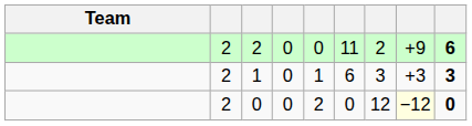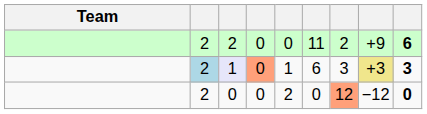 <table class="wikitable" style="text-align:center;">
 <tr>
 <th width=175>Team</th>
 <th width=20></th>
 <th width=20></th>
 <th width=20></th>
 <th width=20></th>
 <th width=20></th>
 <th width=20></th>
 <th width=20></th>
 <th width=20></th>
 </tr>
 <tr bgcolor=ccffcc>
 <td align="left"></td>
 <td>2</td>
 <td>2</td>
 <td>0</td>
 <td>0</td>
 <td>11</td>
 <td>2</td>
 <td>+9</td>
 <td><strong>6</strong></td>
 </tr>
 <tr>
 <td align="left"></td>
-<td>2</td>
-<td>1</td>
-<td>0</td>
+<td style="background: lightblue;">2</td>
+<td style="background: lavender;">1</td>
+<td style="background: lightsalmon;">0</td>
 <td>1</td>
 <td>6</td>
 <td>3</td>
-<td>+3</td>
+<td style="background: khaki;">+3</td>
 <td><strong>3</strong></td>
 </tr>
 <tr>
 <td align="left"></td>
 <td>2</td>
 <td>0</td>
 <td>0</td>
 <td>2</td>
 <td>0</td>
-<td>12</td>
-<td style="background: lightyellow;">−12</td>
+<td style="background: lightsalmon;">12</td>
+<td>−12</td>
 <td><strong>0</strong></td>
 </tr>
 </table>
